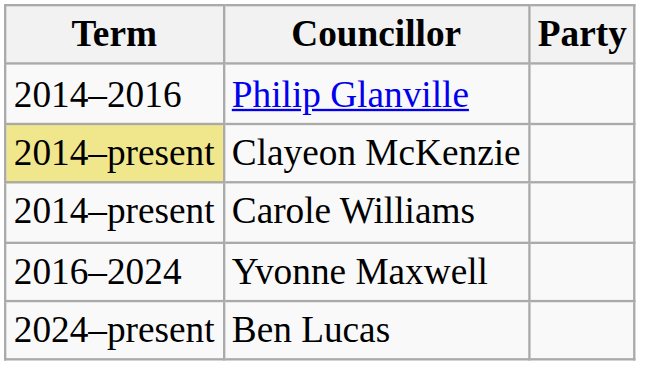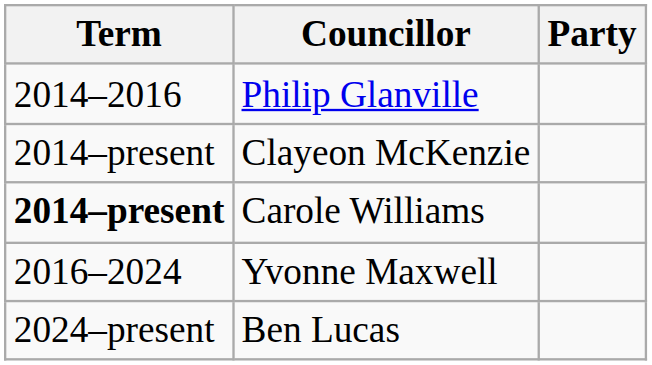 <table class="wikitable">
 <tr>
 <th>Term</th>
 <th>Councillor</th>
 <th colspan=2>Party</th>
 </tr>
 <tr>
 <td>2014–2016</td>
 <td><a href='#'>Philip Glanville</a></td>
 <td></td>
 </tr>
 <tr>
-<td style="background: khaki;">2014–present</td>
+<td>2014–present</td>
 <td>Clayeon McKenzie</td>
 <td></td>
 </tr>
 <tr>
-<td>2014–present</td>
+<td><strong>2014–present</strong></td>
 <td>Carole Williams</td>
 <td></td>
 </tr>
 <tr>
 <td>2016–2024</td>
 <td>Yvonne Maxwell</td>
 <td></td>
 </tr>
 <tr>
 <td>2024–present</td>
 <td>Ben Lucas</td>
 <td></td>
 </tr>
 </table>
